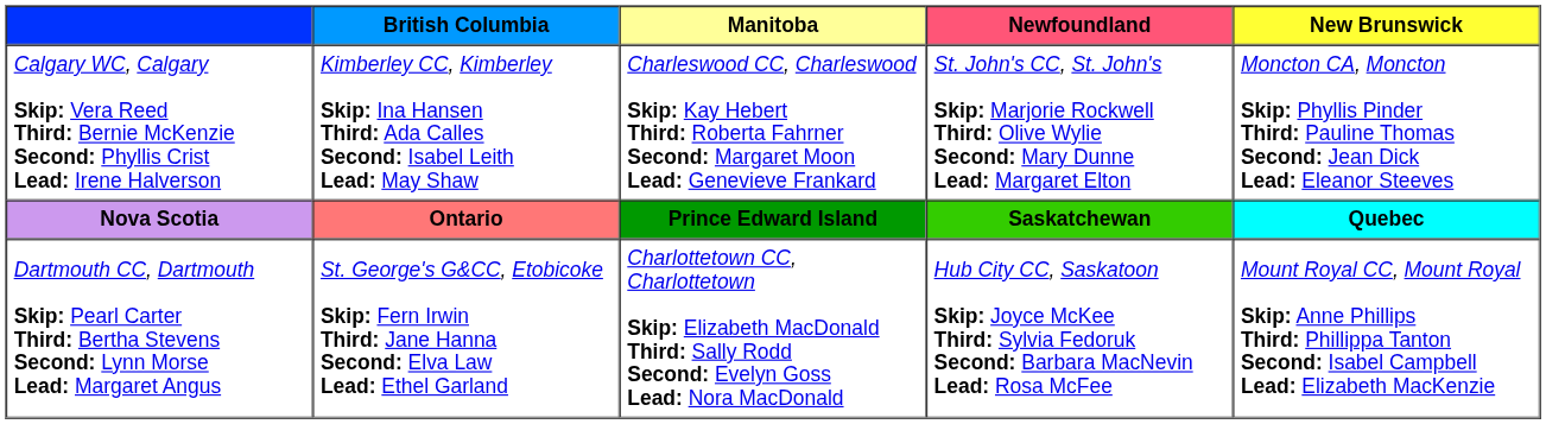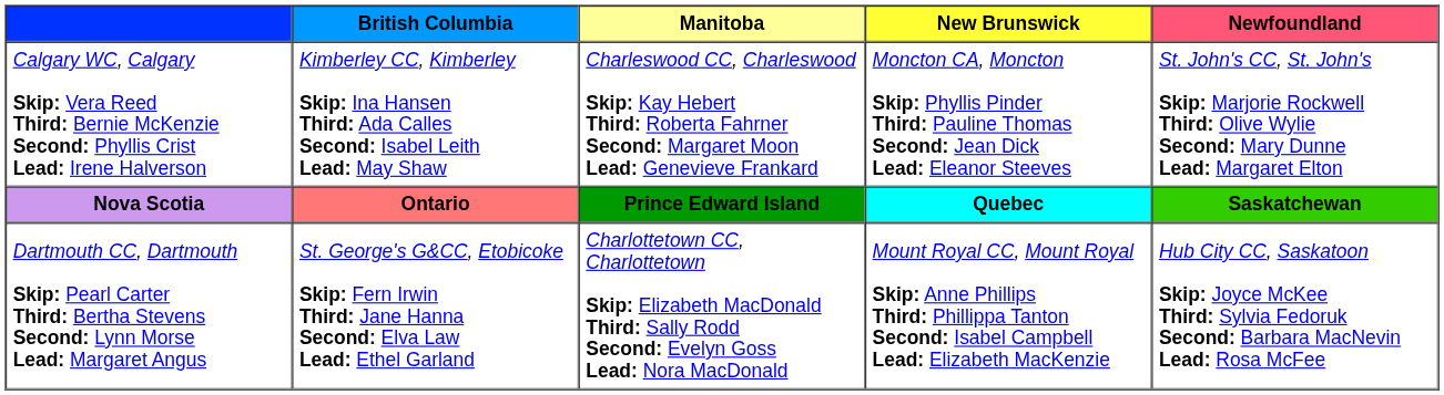 <table border=1 cellpadding=5 cellspacing=0>
 <tr>
 <th bgcolor="#0033ff" width="225"></th>
 <th bgcolor="#0099ff" width="225">British Columbia</th>
 <th bgcolor="#ffff99" width="225">Manitoba</th>
+<th bgcolor="#ffff33" width="225">New Brunswick</th>
 <th bgcolor="#ff5577" width="225">Newfoundland</th>
-<th bgcolor="#ffff33" width="225">New Brunswick</th>
 </tr>
 <tr>
 <td><em><a href='#'>Calgary WC</a>, <a href='#'>Calgary</a></em> <br><br><strong>Skip:</strong>  <a href='#'>Vera Reed</a> <br> <strong>Third:</strong>  <a href='#'>Bernie McKenzie</a> <br> <strong>Second:</strong>  <a href='#'>Phyllis Crist</a> <br> <strong>Lead:</strong> <a href='#'>Irene Halverson</a></td>
 <td><em><a href='#'>Kimberley CC</a>, <a href='#'>Kimberley</a></em> <br><br><strong>Skip:</strong>  <a href='#'>Ina Hansen</a> <br> <strong>Third:</strong>  <a href='#'>Ada Calles</a> <br> <strong>Second:</strong>  <a href='#'>Isabel Leith</a> <br> <strong>Lead:</strong> <a href='#'>May Shaw</a></td>
 <td><em><a href='#'>Charleswood CC</a>, <a href='#'>Charleswood</a></em> <br><br><strong>Skip:</strong> <a href='#'>Kay Hebert</a> <br> <strong>Third:</strong> <a href='#'>Roberta Fahrner</a> <br> <strong>Second:</strong> <a href='#'>Margaret Moon</a> <br> <strong>Lead:</strong> <a href='#'>Genevieve Frankard</a></td>
+<td><em><a href='#'>Moncton CA</a>, <a href='#'>Moncton</a></em> <br><br><strong>Skip:</strong> <a href='#'>Phyllis Pinder</a>   <br> <strong>Third:</strong> <a href='#'>Pauline Thomas</a>  <br> <strong>Second:</strong> <a href='#'>Jean Dick</a> <br> <strong>Lead:</strong> <a href='#'>Eleanor Steeves</a></td>
 <td><em><a href='#'>St. John's CC</a>, <a href='#'>St. John's</a></em> <br><br><strong>Skip:</strong> <a href='#'>Marjorie Rockwell</a> <br> <strong>Third:</strong> <a href='#'>Olive Wylie</a> <br> <strong>Second:</strong> <a href='#'>Mary Dunne</a> <br> <strong>Lead:</strong> <a href='#'>Margaret Elton</a></td>
-<td><em><a href='#'>Moncton CA</a>, <a href='#'>Moncton</a></em> <br><br><strong>Skip:</strong> <a href='#'>Phyllis Pinder</a>   <br> <strong>Third:</strong> <a href='#'>Pauline Thomas</a>  <br> <strong>Second:</strong> <a href='#'>Jean Dick</a> <br> <strong>Lead:</strong> <a href='#'>Eleanor Steeves</a></td>
 </tr>
 <tr border=1 cellpadding=5 cellspacing=0>
 <th bgcolor="#cc99ee" width="200">Nova Scotia</th>
 <th bgcolor="#ff7777" width="200">Ontario</th>
 <th bgcolor="#009900" width="200">Prince Edward Island</th>
+<th bgcolor="#00ffff" width="200">Quebec</th>
 <th bgcolor="#33cc00" width="200">Saskatchewan</th>
-<th bgcolor="#00ffff" width="200">Quebec</th>
 </tr>
 <tr>
 <td><em><a href='#'>Dartmouth CC</a>, <a href='#'>Dartmouth</a></em> <br><br><strong>Skip:</strong> <a href='#'>Pearl Carter</a>   <br> <strong>Third:</strong> <a href='#'>Bertha Stevens</a>  <br> <strong>Second:</strong> <a href='#'>Lynn Morse</a> <br> <strong>Lead:</strong> <a href='#'>Margaret Angus</a></td>
 <td><em><a href='#'>St. George's G&CC</a>, <a href='#'>Etobicoke</a></em> <br><br><strong>Skip:</strong> <a href='#'>Fern Irwin</a>   <br> <strong>Third:</strong> <a href='#'>Jane Hanna</a>  <br> <strong>Second:</strong> <a href='#'>Elva Law</a> <br> <strong>Lead:</strong> <a href='#'>Ethel Garland</a></td>
 <td><em><a href='#'>Charlottetown CC</a>, <a href='#'>Charlottetown</a></em> <br><br><strong>Skip:</strong> <a href='#'>Elizabeth MacDonald</a><br> <strong>Third:</strong> <a href='#'>Sally Rodd</a><br> <strong>Second:</strong> <a href='#'>Evelyn Goss</a><br> <strong>Lead:</strong> <a href='#'>Nora MacDonald</a></td>
+<td><em><a href='#'>Mount Royal CC</a>, <a href='#'>Mount Royal</a></em> <br><br><strong>Skip:</strong> <a href='#'>Anne Phillips</a> <br> <strong>Third:</strong> <a href='#'>Phillippa Tanton</a> <br> <strong>Second:</strong> <a href='#'>Isabel Campbell</a> <br> <strong>Lead:</strong> <a href='#'>Elizabeth MacKenzie</a></td>
 <td><em><a href='#'>Hub City CC</a>, <a href='#'>Saskatoon</a></em> <br><br><strong>Skip:</strong> <a href='#'>Joyce McKee</a> <br> <strong>Third:</strong> <a href='#'>Sylvia Fedoruk</a><br> <strong>Second:</strong> <a href='#'>Barbara MacNevin</a><br> <strong>Lead:</strong> <a href='#'>Rosa McFee</a></td>
-<td><em><a href='#'>Mount Royal CC</a>, <a href='#'>Mount Royal</a></em> <br><br><strong>Skip:</strong> <a href='#'>Anne Phillips</a> <br> <strong>Third:</strong> <a href='#'>Phillippa Tanton</a> <br> <strong>Second:</strong> <a href='#'>Isabel Campbell</a> <br> <strong>Lead:</strong> <a href='#'>Elizabeth MacKenzie</a></td>
 </tr>
 </table>
